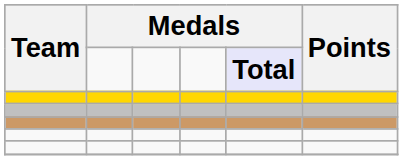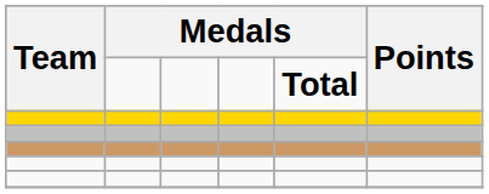 <table class="wikitable" style="text-align:center;">
 <tr>
 <th rowspan=2>Team</th>
 <th colspan=4>Medals</th>
 <th rowspan=2>Points</th>
 </tr>
 <tr>
 <td width=20px></td>
 <td width=20px></td>
 <td width=20px></td>
-<td style="background: lavender;"><strong>Total</strong></td>
+<td><strong>Total</strong></td>
 </tr>
 <tr bgcolor=gold>
 <td align=left></td>
 <td></td>
 <td></td>
 <td></td>
 <td></td>
 <td></td>
 </tr>
 <tr bgcolor=silver>
 <td align=left></td>
 <td></td>
 <td></td>
 <td></td>
 <td></td>
 <td></td>
 </tr>
 <tr bgcolor="CC9966">
 <td align=left></td>
 <td></td>
 <td></td>
 <td></td>
 <td></td>
 <td></td>
 </tr>
 <tr>
 <td align=left></td>
 <td></td>
 <td></td>
 <td></td>
 <td></td>
 <td></td>
 </tr>
 <tr>
 <td align=left></td>
 <td></td>
 <td></td>
 <td></td>
 <td></td>
 <td></td>
 </tr>
 <tr>
 </tr>
 </table>
